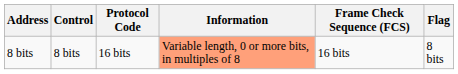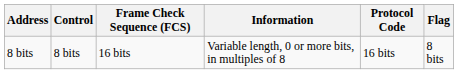 <table class="wikitable">
 <tr>
 <th>Address</th>
 <th>Control</th>
+<th>Frame Check Sequence (FCS)</th>
+<th>Information</th>
 <th>Protocol Code</th>
-<th>Information</th>
-<th>Frame Check Sequence (FCS)</th>
 <th>Flag</th>
 </tr>
 <tr>
 <td>8 bits</td>
 <td>8 bits</td>
 <td>16 bits</td>
-<td style="background: lightsalmon;">Variable length, 0 or more bits, in multiples of 8</td>
+<td>Variable length, 0 or more bits, in multiples of 8</td>
 <td>16 bits</td>
 <td>8 bits</td>
 </tr>
 </table>
